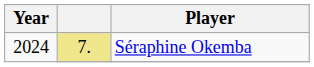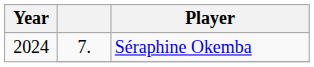 <table class="wikitable">
 <tr>
 <th width=40>Year</th>
 <th width=40></th>
 <th width=170>Player</th>
 </tr>
 <tr>
 <td align=center rowspan=2>2024</td>
-<td align=center style="background: khaki;">7.</td>
+<td align=center>7.</td>
 <td><a href='#'>Séraphine Okemba</a></td>
 </tr>
 <tr>
 </tr>
 </table>
